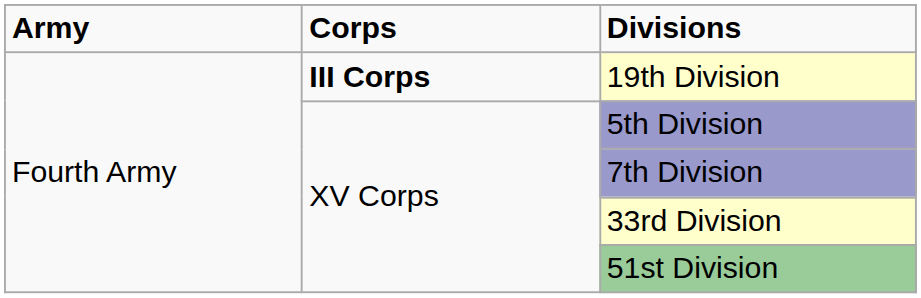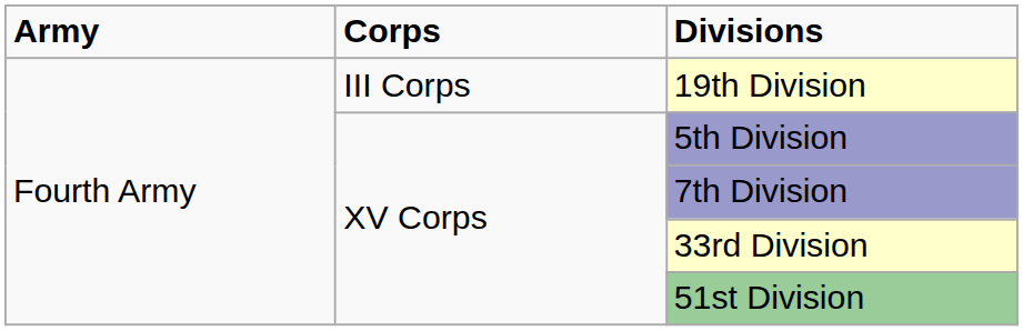 <table class="wikitable">
 <tr>
 <td width="150pt"><strong>Army</strong></td>
 <td width="150pt"><strong>Corps</strong></td>
 <td width="160pt"><strong>Divisions</strong></td>
 </tr>
 <tr>
 <td rowspan="5">Fourth Army</td>
-<td><strong>III Corps</strong></td>
+<td>III Corps</td>
 <td style="background:#FFFFCC;">19th Division</td>
 </tr>
 <tr>
 <td rowspan="4">XV Corps</td>
 <td style="background:#9999CC">5th Division</td>
 </tr>
 <tr>
 <td style="background:#9999CC">7th Division</td>
 </tr>
 <tr>
 <td style="background:#FFFFCC;">33rd Division</td>
 </tr>
 <tr>
 <td style="background:#99CC99">51st Division</td>
 </tr>
 </table>
